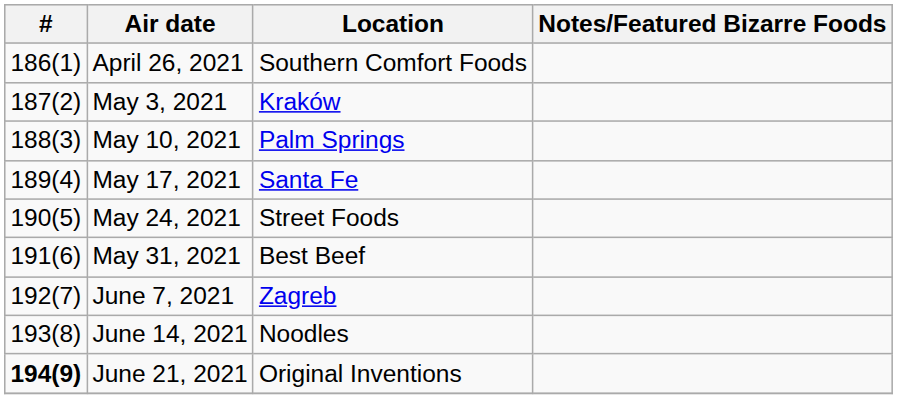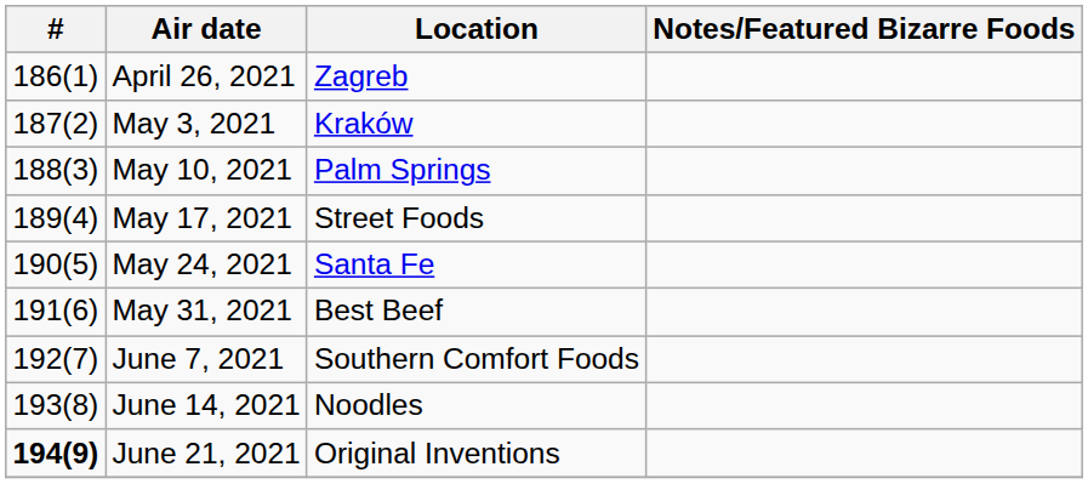 <table class="wikitable">
 <tr style="background:#EFEFEF">
 <th>#</th>
 <th>Air date</th>
 <th>Location</th>
 <th>Notes/Featured Bizarre Foods</th>
 </tr>
 <tr>
 <td>186(1)</td>
 <td>April 26, 2021</td>
-<td>Southern Comfort Foods</td>
+<td><a href='#'>Zagreb</a></td>
 <td></td>
 </tr>
 <tr>
 <td>187(2)</td>
 <td>May 3, 2021</td>
 <td><a href='#'>Kraków</a></td>
 <td></td>
 </tr>
 <tr>
 <td>188(3)</td>
 <td>May 10, 2021</td>
 <td><a href='#'>Palm Springs</a></td>
 <td></td>
 </tr>
 <tr>
 <td>189(4)</td>
 <td>May 17, 2021</td>
-<td><a href='#'>Santa Fe</a></td>
+<td>Street Foods</td>
 <td></td>
 </tr>
 <tr>
 <td>190(5)</td>
 <td>May 24, 2021</td>
-<td>Street Foods</td>
+<td><a href='#'>Santa Fe</a></td>
 <td></td>
 </tr>
 <tr>
 <td>191(6)</td>
 <td>May 31, 2021</td>
 <td>Best Beef</td>
 <td></td>
 </tr>
 <tr>
 <td>192(7)</td>
 <td>June 7, 2021</td>
-<td><a href='#'>Zagreb</a></td>
+<td>Southern Comfort Foods</td>
 <td></td>
 </tr>
 <tr>
 <td>193(8)</td>
 <td>June 14, 2021</td>
 <td>Noodles</td>
 <td></td>
 </tr>
 <tr>
 <td><strong>194(9)</strong></td>
 <td>June 21, 2021</td>
 <td>Original Inventions</td>
 <td></td>
 </tr>
 <tr>
 </tr>
 </table>
